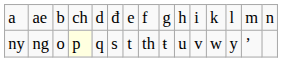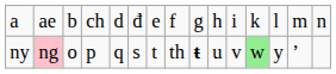 <table class="wikitable">
 <tr>
 <td>a</td>
 <td>ae</td>
 <td>b</td>
 <td>ch</td>
 <td>d</td>
 <td>đ</td>
 <td>e</td>
 <td>f</td>
 <td>g</td>
 <td>h</td>
 <td>i</td>
 <td>k</td>
 <td>l</td>
 <td>m</td>
 <td>n</td>
 </tr>
 <tr>
 <td>ny</td>
-<td>ng</td>
+<td style="background: pink;">ng</td>
 <td>o</td>
-<td style="background: lightyellow;">p</td>
+<td>p</td>
 <td>q</td>
 <td>s</td>
 <td>t</td>
 <td>th</td>
-<td>ŧ</td>
+<td><strong>ŧ</strong></td>
 <td>u</td>
 <td>v</td>
-<td>w</td>
+<td style="background: lightgreen;">w</td>
 <td>y</td>
 <td>’</td>
 </tr>
 </table>
